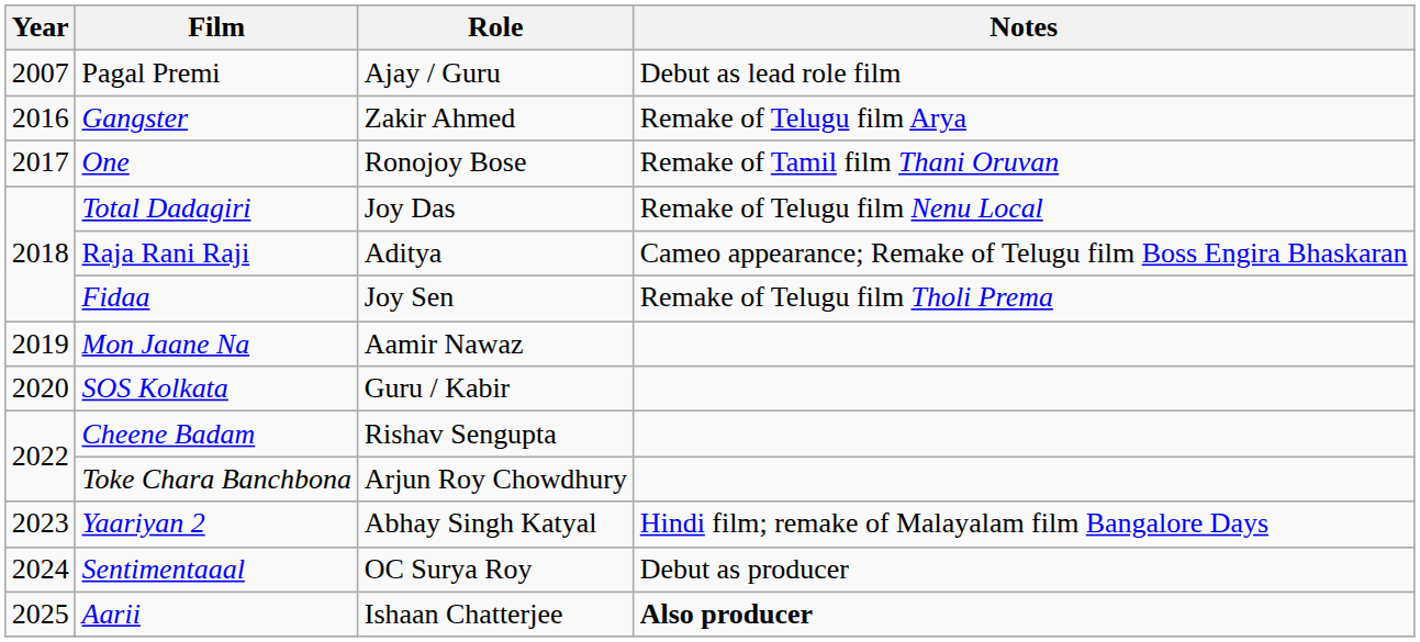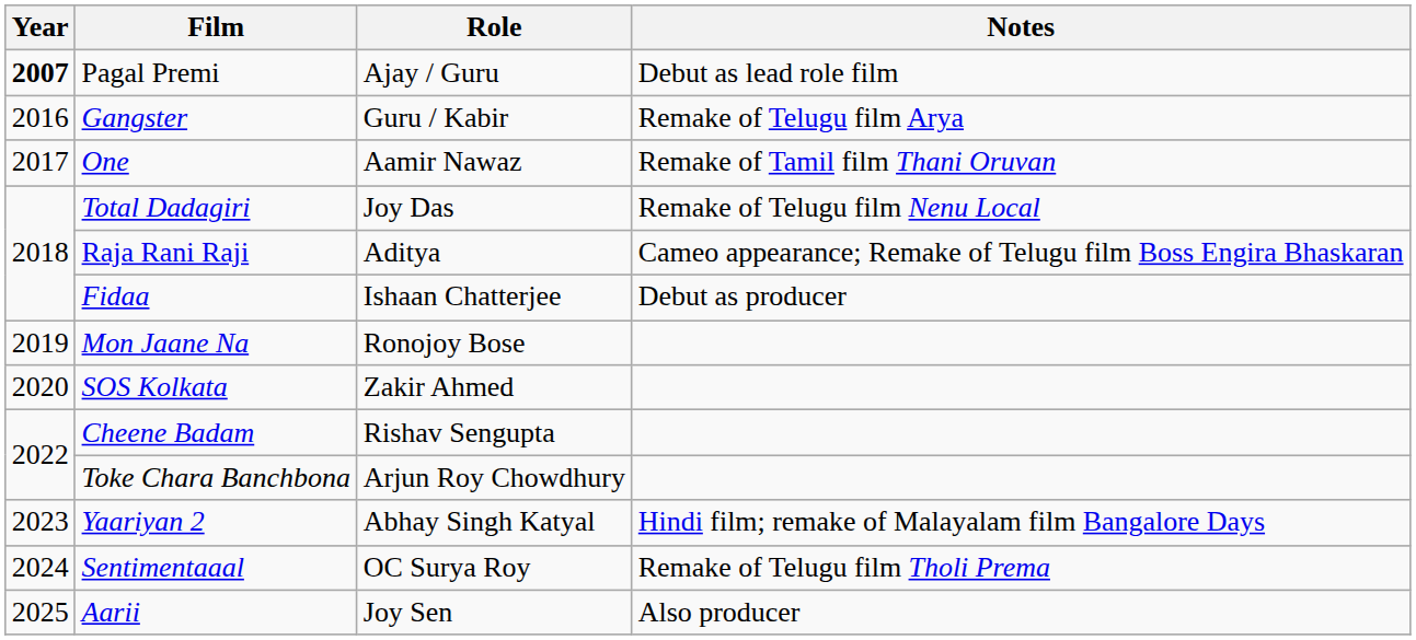 <table class="wikitable sortable">
 <tr>
 <th>Year</th>
 <th>Film</th>
 <th>Role</th>
 <th>Notes</th>
 </tr>
 <tr>
-<td>2007</td>
+<td><strong>2007</strong></td>
 <td>Pagal Premi</td>
 <td>Ajay / Guru</td>
 <td>Debut as lead role film</td>
 </tr>
 <tr>
 <td>2016</td>
 <td><a href='#'><em>Gangster</em></a></td>
-<td>Zakir Ahmed</td>
+<td>Guru / Kabir</td>
 <td>Remake of <a href='#'>Telugu</a> film <a href='#'>Arya</a></td>
 </tr>
 <tr>
 <td>2017</td>
 <td><a href='#'><em>One</em></a></td>
-<td>Ronojoy Bose</td>
+<td>Aamir Nawaz</td>
 <td>Remake of <a href='#'>Tamil</a> film <em><a href='#'>Thani Oruvan</a></em></td>
 </tr>
 <tr>
 <td rowspan="3">2018</td>
 <td><em><a href='#'>Total Dadagiri</a></em></td>
 <td>Joy Das</td>
 <td>Remake of Telugu film <em><a href='#'>Nenu Local</a></em></td>
 </tr>
 <tr>
 <td><a href='#'>Raja Rani Raji</a></td>
 <td>Aditya</td>
 <td>Cameo appearance; Remake of Telugu film <a href='#'>Boss Engira Bhaskaran</a></td>
 </tr>
 <tr>
 <td><a href='#'><em>Fidaa</em></a></td>
-<td>Joy Sen</td>
-<td>Remake of Telugu film <em><a href='#'>Tholi Prema</a></em></td>
+<td>Ishaan Chatterjee</td>
+<td>Debut as producer</td>
 </tr>
 <tr>
 <td>2019</td>
 <td><em><a href='#'>Mon Jaane Na</a></em></td>
-<td>Aamir Nawaz</td>
+<td>Ronojoy Bose</td>
 <td></td>
 </tr>
 <tr>
 <td>2020</td>
 <td><em><a href='#'>SOS Kolkata</a></em></td>
-<td>Guru / Kabir</td>
+<td>Zakir Ahmed</td>
 <td></td>
 </tr>
 <tr>
 <td rowspan="2">2022</td>
 <td><em><a href='#'>Cheene Badam</a></em></td>
 <td>Rishav Sengupta</td>
 <td></td>
 </tr>
 <tr>
 <td><em>Toke Chara Banchbona</em></td>
 <td>Arjun Roy Chowdhury</td>
 <td></td>
 </tr>
 <tr>
 <td>2023</td>
 <td><em><a href='#'>Yaariyan 2</a></em></td>
 <td>Abhay Singh Katyal</td>
 <td><a href='#'>Hindi</a> film; remake of Malayalam film <a href='#'>Bangalore Days</a></td>
 </tr>
 <tr>
 <td>2024</td>
 <td><em><a href='#'>Sentimentaaal</a></em></td>
 <td>OC Surya Roy</td>
-<td>Debut as producer</td>
+<td>Remake of Telugu film <em><a href='#'>Tholi Prema</a></em></td>
 </tr>
 <tr>
 <td>2025</td>
 <td><em><a href='#'>Aarii</a></em></td>
-<td>Ishaan Chatterjee</td>
-<td><strong>Also producer</strong></td>
+<td>Joy Sen</td>
+<td>Also producer</td>
 </tr>
 </table>
